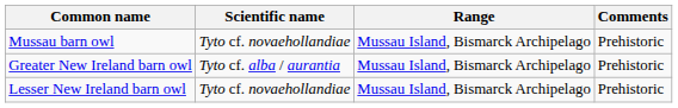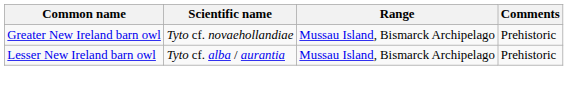 <table class="wikitable">
 <tr>
 <th>Common name</th>
 <th>Scientific name</th>
 <th>Range</th>
 <th class="unsortable">Comments</th>
 </tr>
 <tr>
-<td><a href='#'>Mussau barn owl</a></td>
+<td><a href='#'>Greater New Ireland barn owl</a></td>
 <td><em>Tyto</em> cf. <em>novaehollandiae</em></td>
 <td><a href='#'>Mussau Island</a>, Bismarck Archipelago</td>
 <td>Prehistoric</td>
 </tr>
 <tr>
-<td><a href='#'>Greater New Ireland barn owl</a></td>
+<td><a href='#'>Lesser New Ireland barn owl</a></td>
 <td><em>Tyto</em> cf. <em><a href='#'>alba</a></em> / <em><a href='#'>aurantia</a></em></td>
 <td><a href='#'>Mussau Island</a>, Bismarck Archipelago</td>
 <td>Prehistoric</td>
 </tr>
-<tr>
-<td><a href='#'>Lesser New Ireland barn owl</a></td>
-<td><em>Tyto</em> cf. <em>novaehollandiae</em></td>
-<td><a href='#'>Mussau Island</a>, Bismarck Archipelago</td>
-<td>Prehistoric</td>
-</tr>
 </table>
